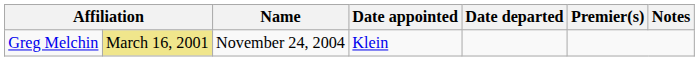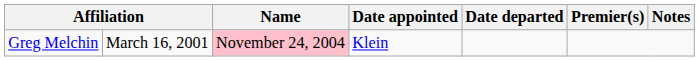 <table class="wikitable">
 <tr>
 <th colspan="2">Affiliation</th>
 <th>Name</th>
 <th>Date appointed</th>
 <th>Date departed</th>
 <th>Premier(s)</th>
 <th>Notes</th>
 </tr>
 <tr>
 <td><a href='#'>Greg Melchin</a></td>
-<td style="background: khaki;">March 16, 2001</td>
-<td>November 24, 2004</td>
+<td>March 16, 2001</td>
+<td style="background: pink;">November 24, 2004</td>
 <td><a href='#'>Klein</a></td>
 <td></td>
 </tr>
 </table>
